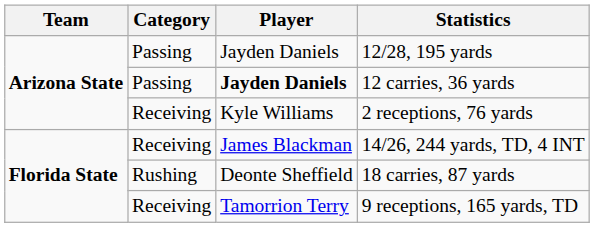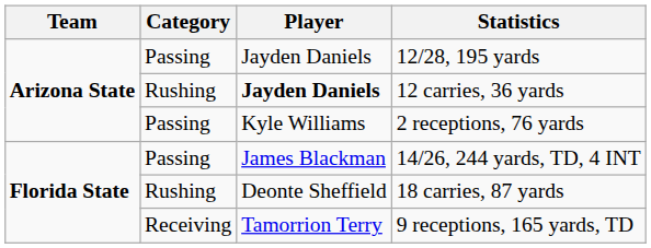 <table class="wikitable" style="float: right;">
 <tr>
 <th>Team</th>
 <th>Category</th>
 <th>Player</th>
 <th>Statistics</th>
 </tr>
 <tr>
 <td rowspan=3><strong>Arizona State</strong></td>
 <td>Passing</td>
 <td>Jayden Daniels</td>
 <td>12/28, 195 yards</td>
 </tr>
 <tr>
-<td>Passing</td>
+<td>Rushing</td>
 <td><strong>Jayden Daniels</strong></td>
 <td>12 carries, 36 yards</td>
 </tr>
 <tr>
-<td>Receiving</td>
+<td>Passing</td>
 <td>Kyle Williams</td>
 <td>2 receptions, 76 yards</td>
 </tr>
 <tr>
 <td rowspan=3><strong>Florida State</strong></td>
-<td>Receiving</td>
+<td>Passing</td>
 <td><a href='#'>James Blackman</a></td>
 <td>14/26, 244 yards, TD, 4 INT</td>
 </tr>
 <tr>
 <td>Rushing</td>
 <td>Deonte Sheffield</td>
 <td>18 carries, 87 yards</td>
 </tr>
 <tr>
 <td>Receiving</td>
 <td><a href='#'>Tamorrion Terry</a></td>
 <td>9 receptions, 165 yards, TD</td>
 </tr>
 </table>
